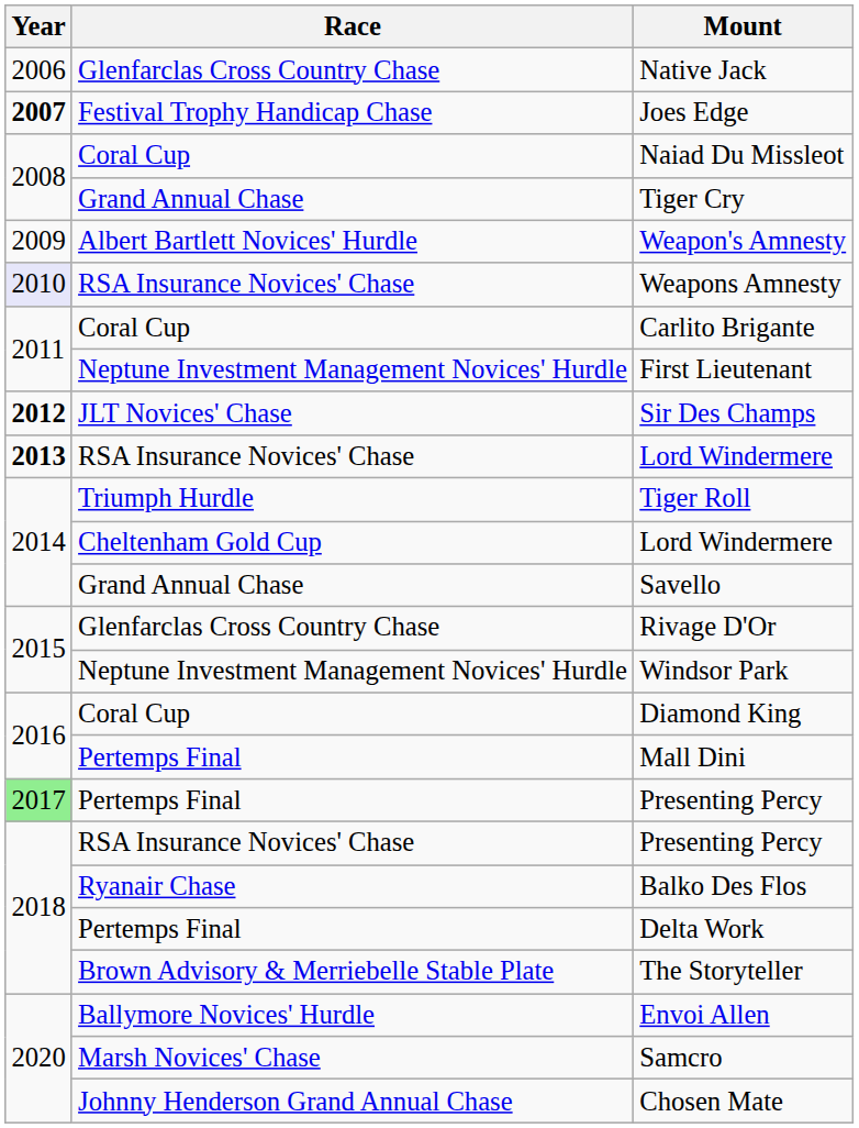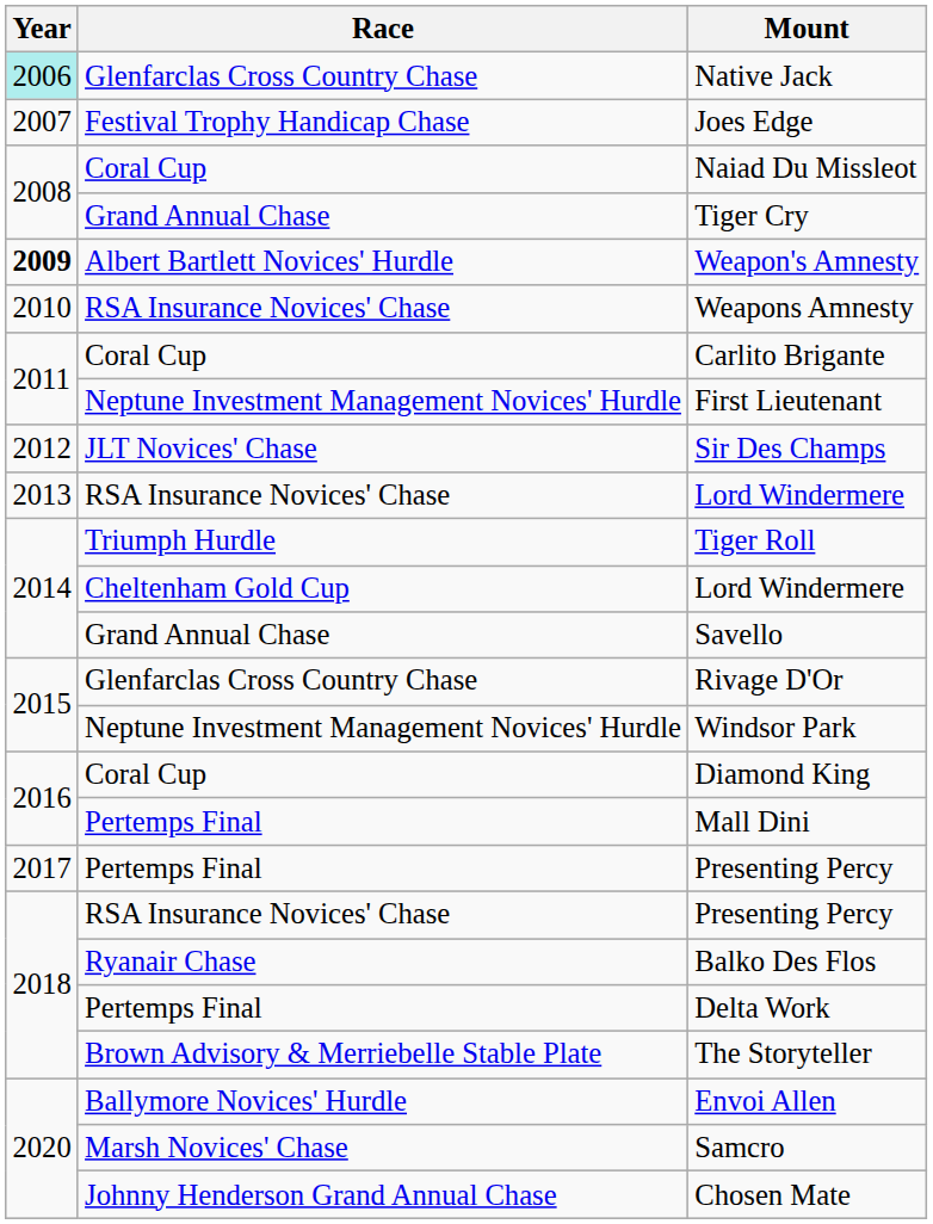 <table class="wikitable">
 <tr>
 <th>Year</th>
 <th>Race</th>
 <th>Mount</th>
 </tr>
 <tr>
-<td>2006</td>
+<td style="background: paleturquoise;">2006</td>
 <td><a href='#'>Glenfarclas Cross Country Chase</a></td>
 <td>Native Jack</td>
 </tr>
 <tr>
-<td><strong>2007</strong></td>
+<td>2007</td>
 <td><a href='#'>Festival Trophy Handicap Chase</a></td>
 <td>Joes Edge</td>
 </tr>
 <tr>
 <td rowspan=2>2008</td>
 <td><a href='#'>Coral Cup</a></td>
 <td>Naiad Du Missleot</td>
 </tr>
 <tr>
 <td><a href='#'>Grand Annual Chase</a></td>
 <td>Tiger Cry</td>
 </tr>
 <tr>
-<td>2009</td>
+<td><strong>2009</strong></td>
 <td><a href='#'>Albert Bartlett Novices' Hurdle</a></td>
 <td><a href='#'>Weapon's Amnesty</a></td>
 </tr>
 <tr>
-<td style="background: lavender;">2010</td>
+<td>2010</td>
 <td><a href='#'>RSA Insurance Novices' Chase</a></td>
 <td>Weapons Amnesty</td>
 </tr>
 <tr>
 <td rowspan=2>2011</td>
 <td>Coral Cup</td>
 <td>Carlito Brigante</td>
 </tr>
 <tr>
 <td><a href='#'>Neptune Investment Management Novices' Hurdle</a></td>
 <td>First Lieutenant</td>
 </tr>
 <tr>
-<td><strong>2012</strong></td>
+<td>2012</td>
 <td><a href='#'>JLT Novices' Chase</a></td>
 <td><a href='#'>Sir Des Champs</a></td>
 </tr>
 <tr>
-<td><strong>2013</strong></td>
+<td>2013</td>
 <td>RSA Insurance Novices' Chase</td>
 <td><a href='#'>Lord Windermere</a></td>
 </tr>
 <tr>
 <td rowspan=3>2014</td>
 <td><a href='#'>Triumph Hurdle</a></td>
 <td><a href='#'>Tiger Roll</a></td>
 </tr>
 <tr>
 <td><a href='#'>Cheltenham Gold Cup</a></td>
 <td>Lord Windermere</td>
 </tr>
 <tr>
 <td>Grand Annual Chase</td>
 <td>Savello</td>
 </tr>
 <tr>
 <td rowspan=2>2015</td>
 <td>Glenfarclas Cross Country Chase</td>
 <td>Rivage D'Or</td>
 </tr>
 <tr>
 <td>Neptune Investment Management Novices' Hurdle</td>
 <td>Windsor Park</td>
 </tr>
 <tr>
 <td rowspan=2>2016</td>
 <td>Coral Cup</td>
 <td>Diamond King</td>
 </tr>
 <tr>
 <td><a href='#'>Pertemps Final</a></td>
 <td>Mall Dini</td>
 </tr>
 <tr>
-<td style="background: lightgreen;">2017</td>
+<td>2017</td>
 <td>Pertemps Final</td>
 <td>Presenting Percy</td>
 </tr>
 <tr>
 <td rowspan=4>2018</td>
 <td>RSA Insurance Novices' Chase</td>
 <td>Presenting Percy</td>
 </tr>
 <tr>
 <td><a href='#'>Ryanair Chase</a></td>
 <td>Balko Des Flos</td>
 </tr>
 <tr>
 <td>Pertemps Final</td>
 <td>Delta Work</td>
 </tr>
 <tr>
 <td><a href='#'>Brown Advisory & Merriebelle Stable Plate</a></td>
 <td>The Storyteller</td>
 </tr>
 <tr>
 <td rowspan=3>2020</td>
 <td><a href='#'>Ballymore Novices' Hurdle</a></td>
 <td><a href='#'>Envoi Allen</a></td>
 </tr>
 <tr>
 <td><a href='#'>Marsh Novices' Chase</a></td>
 <td>Samcro</td>
 </tr>
 <tr>
 <td><a href='#'>Johnny Henderson Grand Annual Chase</a></td>
 <td>Chosen Mate</td>
 </tr>
 </table>
